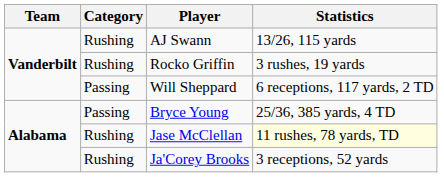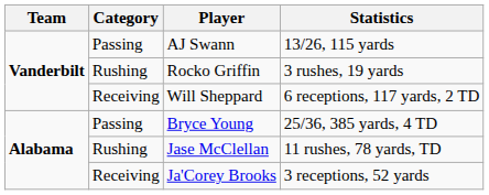 <table class="wikitable" style="float: left;">
 <tr>
 <th>Team</th>
 <th>Category</th>
 <th>Player</th>
 <th>Statistics</th>
 </tr>
 <tr>
 <td rowspan=3><strong>Vanderbilt</strong></td>
-<td>Rushing</td>
+<td>Passing</td>
 <td>AJ Swann</td>
 <td>13/26, 115 yards</td>
 </tr>
 <tr>
 <td>Rushing</td>
 <td>Rocko Griffin</td>
 <td>3 rushes, 19 yards</td>
 </tr>
 <tr>
-<td>Passing</td>
+<td>Receiving</td>
 <td>Will Sheppard</td>
 <td>6 receptions, 117 yards, 2 TD</td>
 </tr>
 <tr>
 <td rowspan=3><strong>Alabama</strong></td>
 <td>Passing</td>
 <td><a href='#'>Bryce Young</a></td>
 <td>25/36, 385 yards, 4 TD</td>
 </tr>
 <tr>
 <td>Rushing</td>
 <td><a href='#'>Jase McClellan</a></td>
-<td style="background: lightyellow;">11 rushes, 78 yards, TD</td>
+<td>11 rushes, 78 yards, TD</td>
 </tr>
 <tr>
-<td>Rushing</td>
+<td>Receiving</td>
 <td><a href='#'>Ja'Corey Brooks</a></td>
 <td>3 receptions, 52 yards</td>
 </tr>
 </table>
